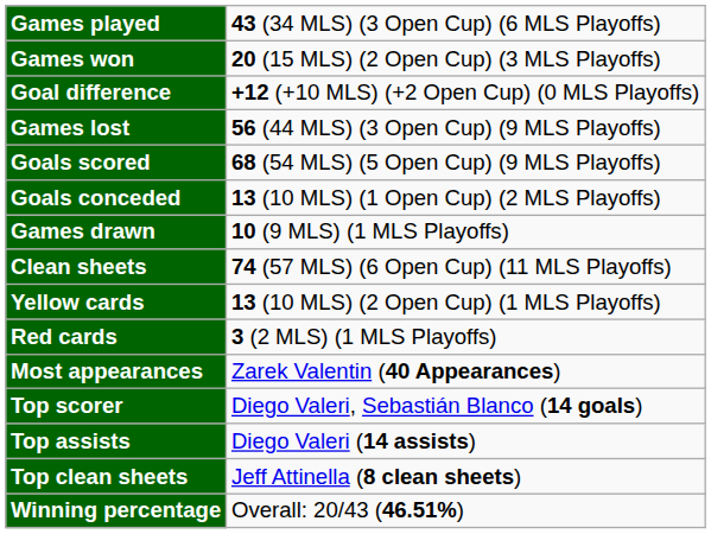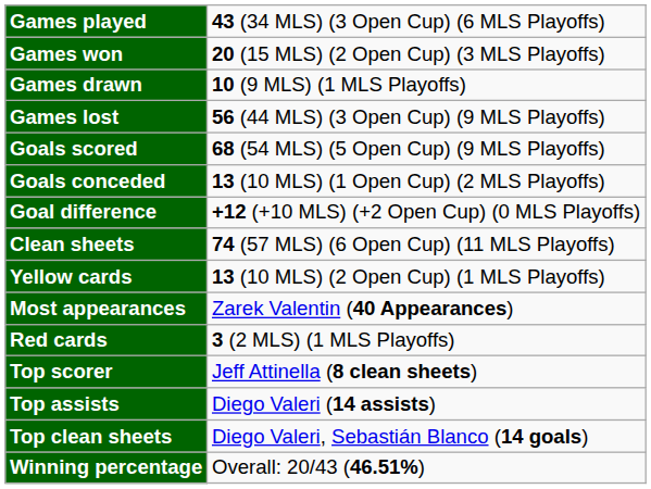 <table class="wikitable sortable" style="font-size: 90%;">
 <tr>
 <td style="background:darkgreen; color:white;"><strong>Games played</strong></td>
 <td><strong>43</strong> (34 MLS) (3 Open Cup) (6 MLS Playoffs)</td>
 </tr>
 <tr>
 <td style="background:darkgreen; color:white;"><strong>Games won</strong></td>
 <td><strong>20</strong> (15 MLS) (2 Open Cup) (3 MLS Playoffs)</td>
 </tr>
 <tr>
-<td style="background:darkgreen; color:white"><strong>Goal difference</strong></td>
-<td><strong>+12</strong> (+10 MLS) (+2 Open Cup) (0 MLS Playoffs)</td>
+<td style="background:darkgreen; color:white;"><strong>Games drawn</strong></td>
+<td><strong>10</strong> (9 MLS) (1 MLS Playoffs)</td>
 </tr>
 <tr>
 <td style="background:darkgreen; color:white;"><strong>Games lost</strong></td>
 <td><strong>56</strong> (44 MLS) (3 Open Cup) (9 MLS Playoffs)</td>
 </tr>
 <tr>
 <td style="background:darkgreen; color:white;"><strong>Goals scored</strong></td>
 <td><strong>68</strong> (54 MLS) (5 Open Cup) (9 MLS Playoffs)</td>
 </tr>
 <tr>
 <td style="background:darkgreen; color:white;"><strong>Goals conceded</strong></td>
 <td><strong>13</strong> (10 MLS) (1 Open Cup) (2 MLS Playoffs)</td>
 </tr>
 <tr>
-<td style="background:darkgreen; color:white;"><strong>Games drawn</strong></td>
-<td><strong>10</strong> (9 MLS) (1 MLS Playoffs)</td>
+<td style="background:darkgreen; color:white"><strong>Goal difference</strong></td>
+<td><strong>+12</strong> (+10 MLS) (+2 Open Cup) (0 MLS Playoffs)</td>
 </tr>
 <tr>
 <td style="background:darkgreen; color:white;"><strong>Clean sheets</strong></td>
 <td><strong>74</strong> (57 MLS) (6 Open Cup) (11 MLS Playoffs)</td>
 </tr>
 <tr>
 <td style="background:darkgreen; color:white;"><strong>Yellow cards</strong></td>
 <td><strong>13</strong> (10 MLS) (2 Open Cup) (1 MLS Playoffs)</td>
 </tr>
 <tr>
+<td style="background:darkgreen; color:white;"><strong>Most appearances</strong></td>
+<td> <a href='#'>Zarek Valentin</a> (<strong>40 Appearances</strong>)</td>
+</tr>
+<tr>
 <td style="background:darkgreen; color:white;"><strong>Red cards</strong></td>
 <td><strong>3</strong> (2 MLS) (1 MLS Playoffs)</td>
 </tr>
 <tr>
-<td style="background:darkgreen; color:white;"><strong>Most appearances</strong></td>
-<td> <a href='#'>Zarek Valentin</a> (<strong>40 Appearances</strong>)</td>
-</tr>
-<tr>
 <td style="background:darkgreen; color:white;"><strong>Top scorer</strong></td>
-<td><a href='#'>Diego Valeri</a>, <a href='#'>Sebastián Blanco</a> (<strong>14 goals</strong>)</td>
+<td><a href='#'>Jeff Attinella</a> (<strong>8 clean sheets</strong>)</td>
 </tr>
 <tr>
 <td style="background:darkgreen; color:white;"><strong>Top assists</strong></td>
 <td><a href='#'>Diego Valeri</a> (<strong>14 assists</strong>)</td>
 </tr>
 <tr>
 <td style="background:darkgreen; color:white;"><strong>Top clean sheets</strong></td>
-<td><a href='#'>Jeff Attinella</a> (<strong>8 clean sheets</strong>)</td>
+<td><a href='#'>Diego Valeri</a>, <a href='#'>Sebastián Blanco</a> (<strong>14 goals</strong>)</td>
 </tr>
 <tr>
 <td style="background:darkgreen; color:white;"><strong>Winning percentage</strong></td>
 <td>Overall: 20/43 (<strong>46.51%</strong>)</td>
 </tr>
 </table>
